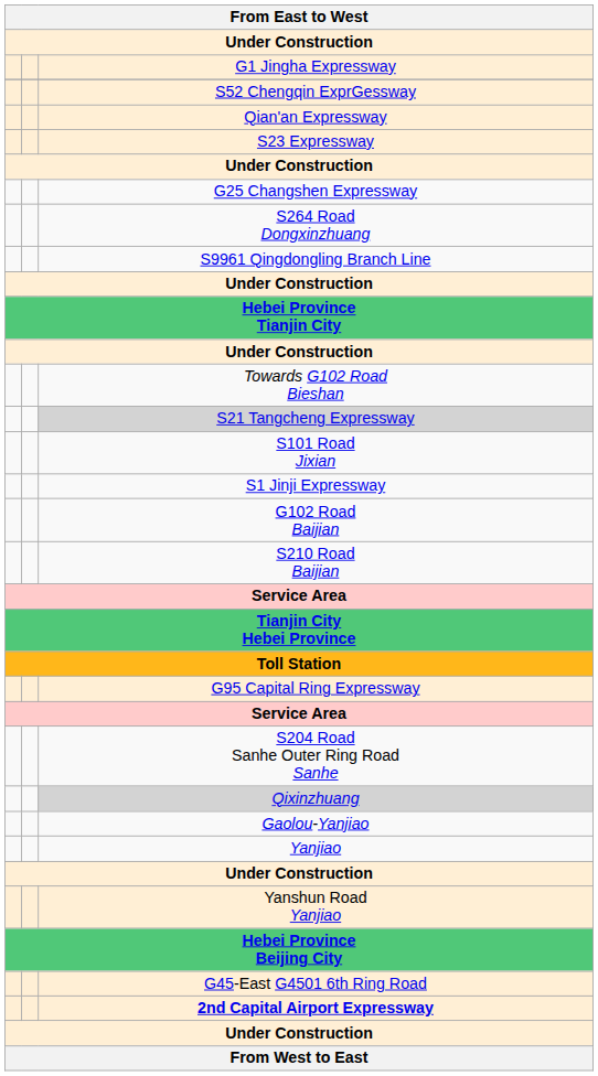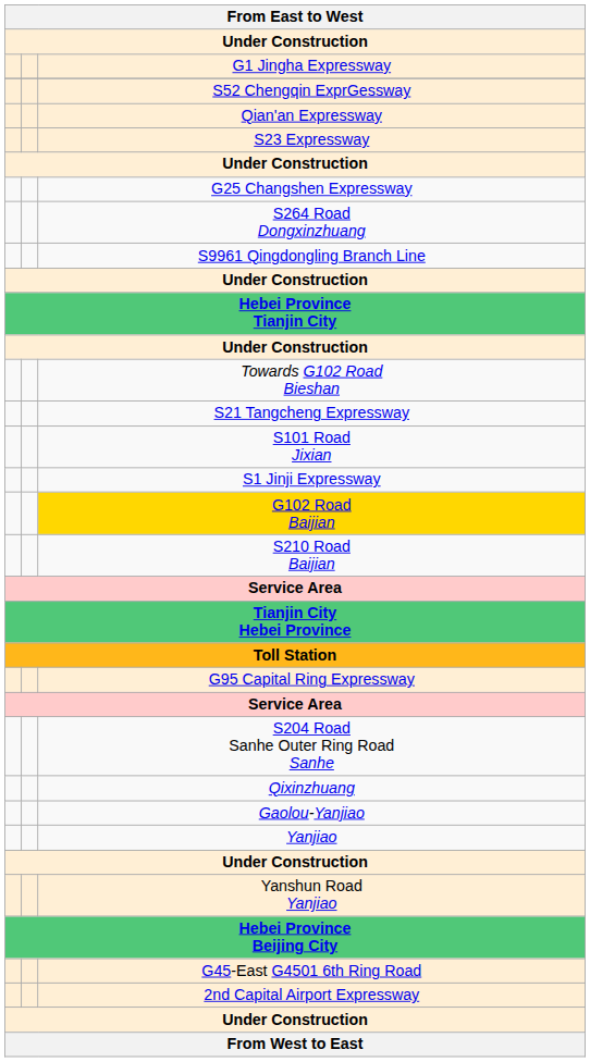 <table class="wikitable" style="text-align:center" width="600px">
 <tr>
 <th text-align="center" colspan="3"> From East to West </th>
 </tr>
 <tr>
 <td colspan="3"  style="background:#ffefd5;"> <strong>Under Construction</strong> </td>
 </tr>
 <tr style="background:#ffefd5;">
 <td></td>
 <td><br></td>
 <td> <a href='#'>G1 Jingha Expressway</a></td>
 </tr>
 <tr>
 </tr>
 <tr style="background:#ffefd5;">
 <td></td>
 <td></td>
 <td> <a href='#'>S52 Chengqin ExprGessway</a></td>
 </tr>
 <tr style="background:#ffefd5;">
 <td></td>
 <td></td>
 <td> <a href='#'>Qian'an Expressway</a></td>
 </tr>
 <tr style="background:#ffefd5;">
 <td></td>
 <td></td>
 <td> <a href='#'>S23 Expressway</a></td>
 </tr>
 <tr>
 <td colspan="3"  style="background:#ffefd5;"> <strong>Under Construction</strong> </td>
 </tr>
 <tr>
 <td></td>
 <td></td>
 <td> <a href='#'>G25 Changshen Expressway</a></td>
 </tr>
 <tr>
 <td></td>
 <td></td>
 <td> <a href='#'>S264 Road</a><br><em><a href='#'>Dongxinzhuang</a></em></td>
 </tr>
 <tr>
 <td></td>
 <td></td>
 <td> <a href='#'>S9961 Qingdongling Branch Line</a></td>
 </tr>
 <tr>
 <td colspan="3"  style="background:#ffefd5;"> <strong>Under Construction</strong> </td>
 </tr>
 <tr>
 <td colspan="7" align="center" bgcolor="#50 C8 78"> <strong><a href='#'>Hebei Province</a></strong> <br> <strong><a href='#'>Tianjin City</a></strong> </td>
 </tr>
 <tr>
 <td colspan="3"  style="background:#ffefd5;"> <strong>Under Construction</strong> </td>
 </tr>
 <tr>
 <td></td>
 <td></td>
 <td><em>Towards  <a href='#'>G102 Road</a></em><br><em><a href='#'>Bieshan</a></em></td>
 </tr>
 <tr>
 <td></td>
 <td></td>
-<td style="background: lightgrey;"> <a href='#'>S21 Tangcheng Expressway</a></td>
+<td> <a href='#'>S21 Tangcheng Expressway</a></td>
 </tr>
 <tr>
 <td></td>
 <td></td>
 <td> <a href='#'>S101 Road</a><br><em><a href='#'>Jixian</a></em></td>
 </tr>
 <tr>
 <td></td>
 <td></td>
 <td> <a href='#'>S1 Jinji Expressway</a></td>
 </tr>
 <tr>
 <td></td>
 <td></td>
-<td> <a href='#'>G102 Road</a><br><em><a href='#'>Baijian</a></em></td>
+<td style="background: gold;"> <a href='#'>G102 Road</a><br><em><a href='#'>Baijian</a></em></td>
 </tr>
 <tr>
 <td></td>
 <td></td>
 <td> <a href='#'>S210 Road</a><br><em><a href='#'>Baijian</a></em></td>
 </tr>
 <tr>
 <td align="center" bgcolor="#FFCBCB" colspan="7"> <strong>Service Area</strong></td>
 </tr>
 <tr>
 <td colspan="7" align="center" bgcolor="#50 C8 78"> <strong><a href='#'>Tianjin City</a></strong> <br> <strong><a href='#'>Hebei Province</a></strong> </td>
 </tr>
 <tr>
 <td colspan="7" align="center" bgcolor="#FFB71A" color: #000000> <strong>Toll Station</strong></td>
 </tr>
 <tr style="background:#ffefd5;">
 <td></td>
 <td></td>
 <td> <a href='#'>G95 Capital Ring Expressway</a></td>
 </tr>
 <tr>
 <td align="center" bgcolor="#FFCBCB" colspan="7"> <strong>Service Area</strong></td>
 </tr>
 <tr>
 <td></td>
 <td></td>
 <td> <a href='#'>S204 Road</a><br>Sanhe Outer Ring Road<br><em><a href='#'>Sanhe</a></em></td>
 </tr>
 <tr>
 <td></td>
 <td></td>
-<td style="background: lightgrey;"><em><a href='#'>Qixinzhuang</a></em></td>
+<td><em><a href='#'>Qixinzhuang</a></em></td>
 </tr>
 <tr>
 <td></td>
 <td></td>
 <td><em><a href='#'>Gaolou</a>-<a href='#'>Yanjiao</a></em></td>
 </tr>
 <tr>
 <td></td>
 <td></td>
 <td><em><a href='#'>Yanjiao</a></em></td>
 </tr>
 <tr>
 <td colspan="3"  style="background:#ffefd5;"> <strong>Under Construction</strong> </td>
 </tr>
 <tr style="background:#ffefd5;">
 <td></td>
 <td></td>
 <td>Yanshun Road<br><em><a href='#'>Yanjiao</a></em></td>
 </tr>
 <tr>
 <td colspan="7" align="center" bgcolor="#50 C8 78"> <strong><a href='#'>Hebei Province</a></strong> <br> <strong><a href='#'>Beijing City</a></strong> </td>
 </tr>
 <tr style="background:#ffefd5;">
 <td></td>
 <td></td>
 <td> <a href='#'>G45</a>-East <a href='#'>G4501 6th Ring Road</a></td>
 </tr>
 <tr style="background:#ffefd5;">
 <td></td>
 <td><br></td>
-<td><strong> <a href='#'>2nd Capital Airport Expressway</a></strong></td>
+<td> <a href='#'>2nd Capital Airport Expressway</a></td>
 </tr>
 <tr>
 <td colspan="3"  style="background:#ffefd5;"> <strong>Under Construction</strong> </td>
 </tr>
 <tr>
 <th text-align="center" colspan="3"> From West to East </th>
 </tr>
 </table>
